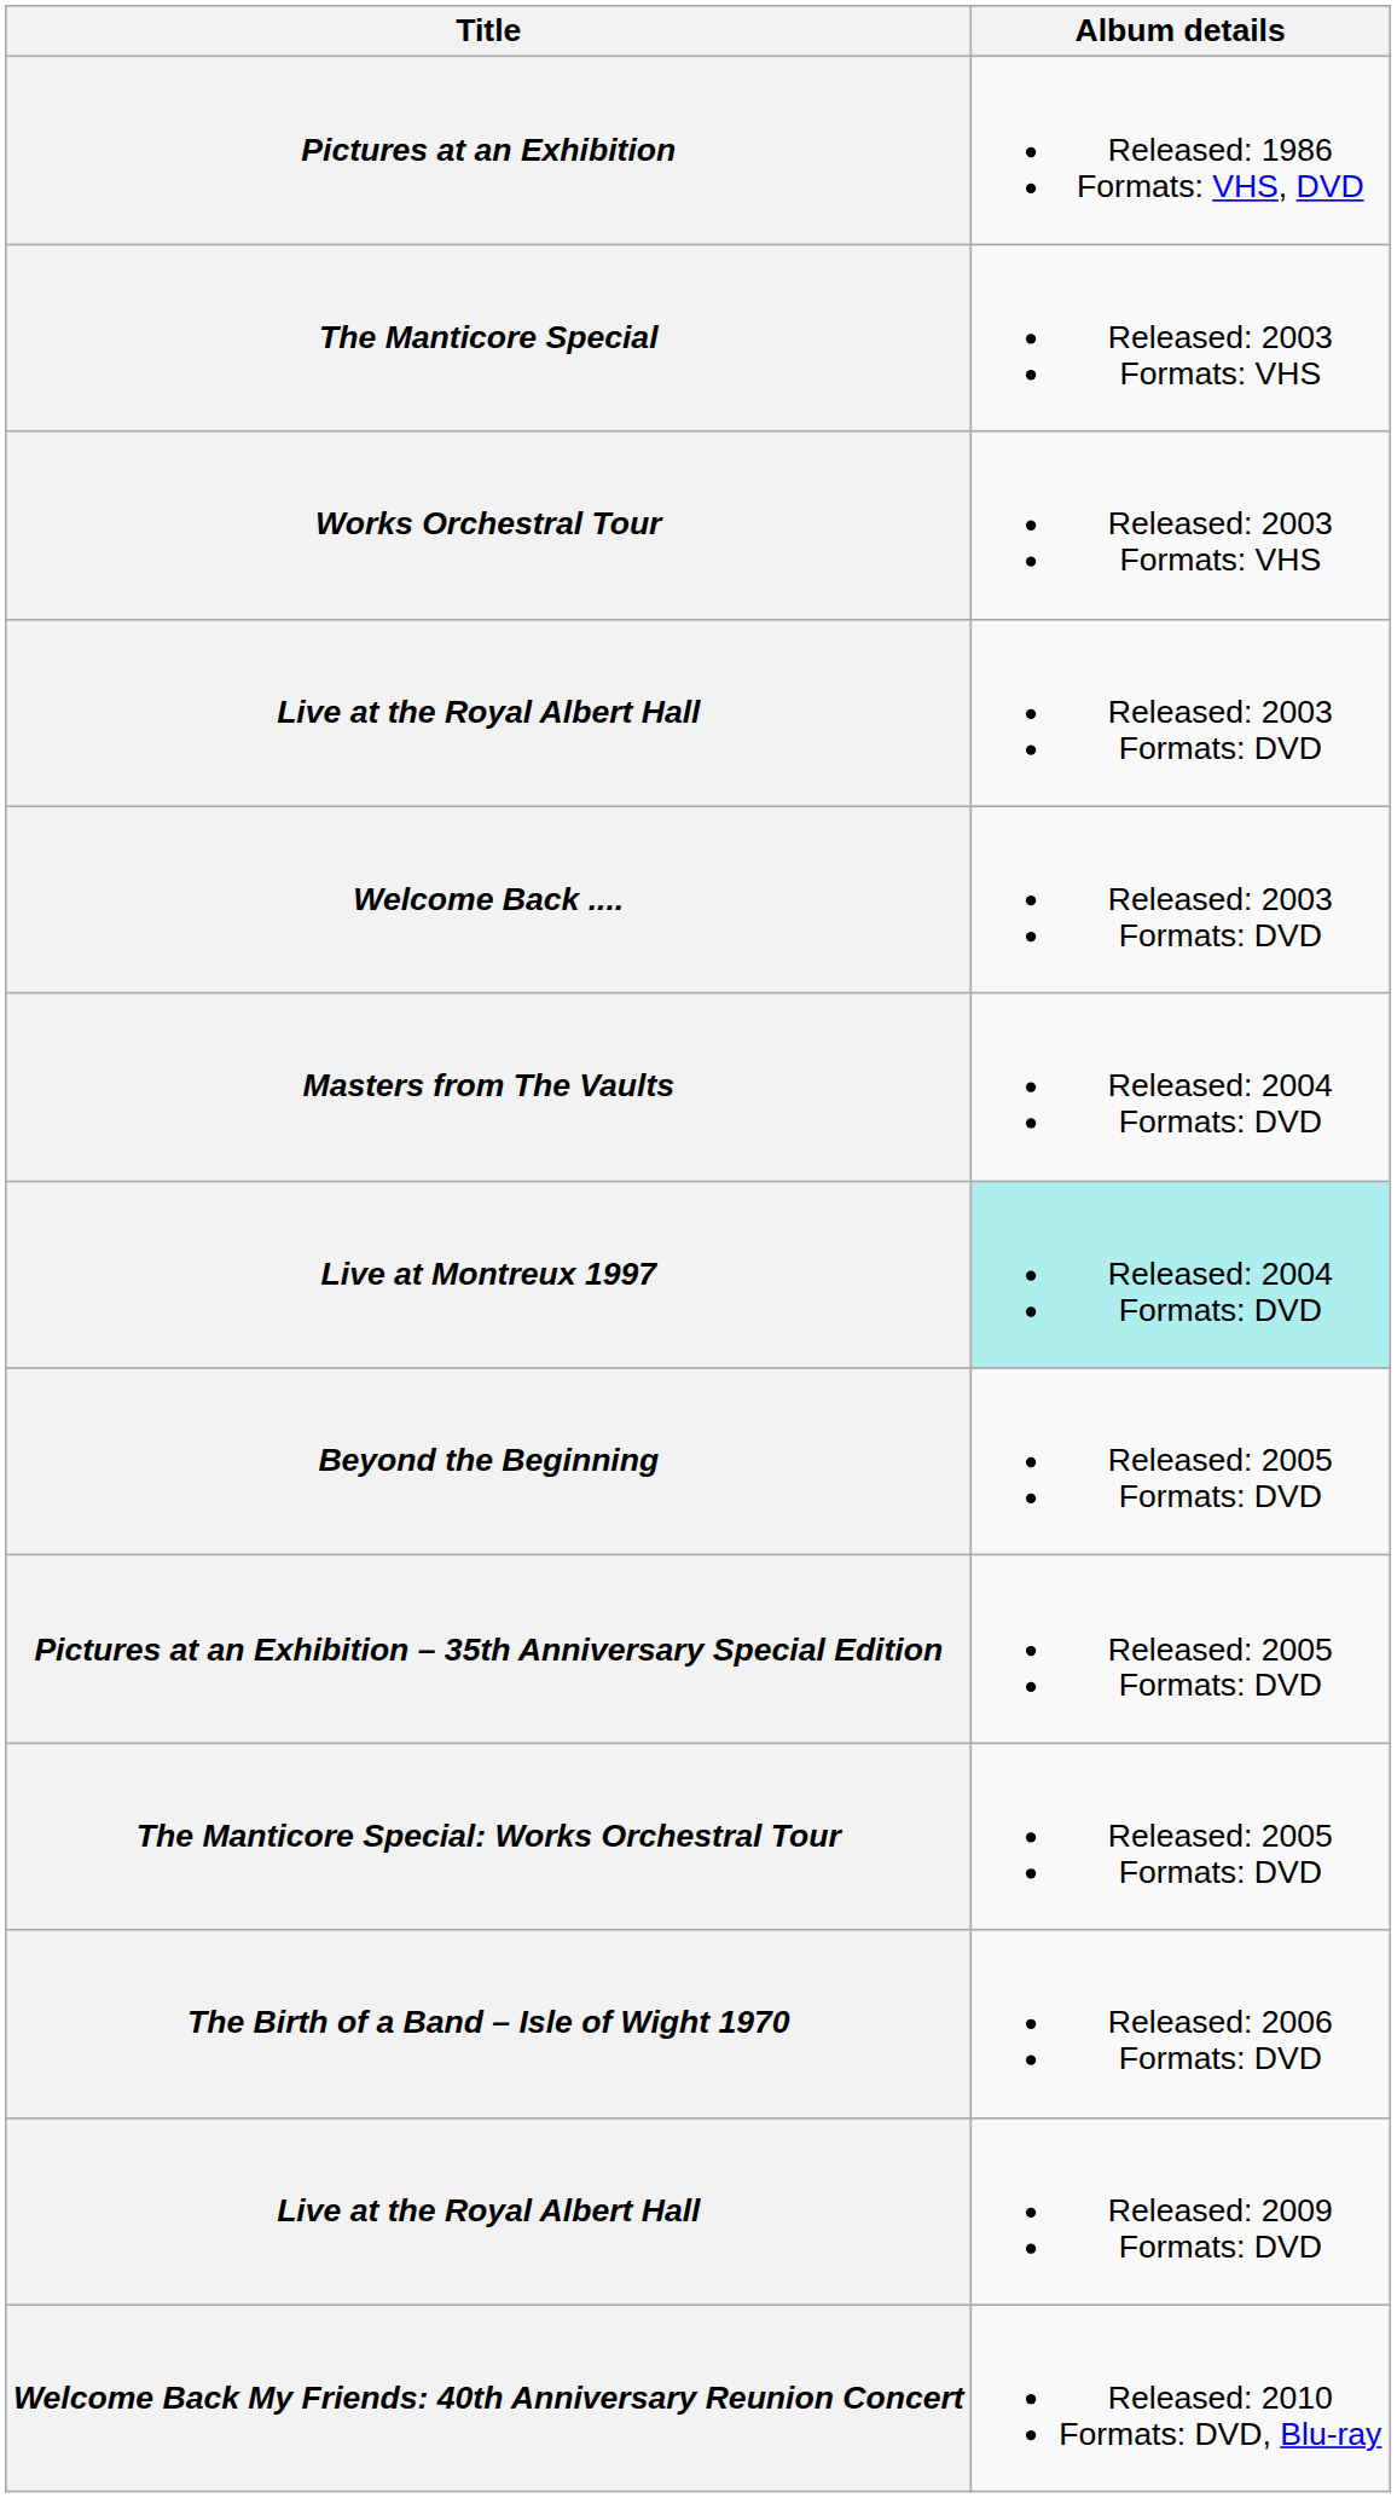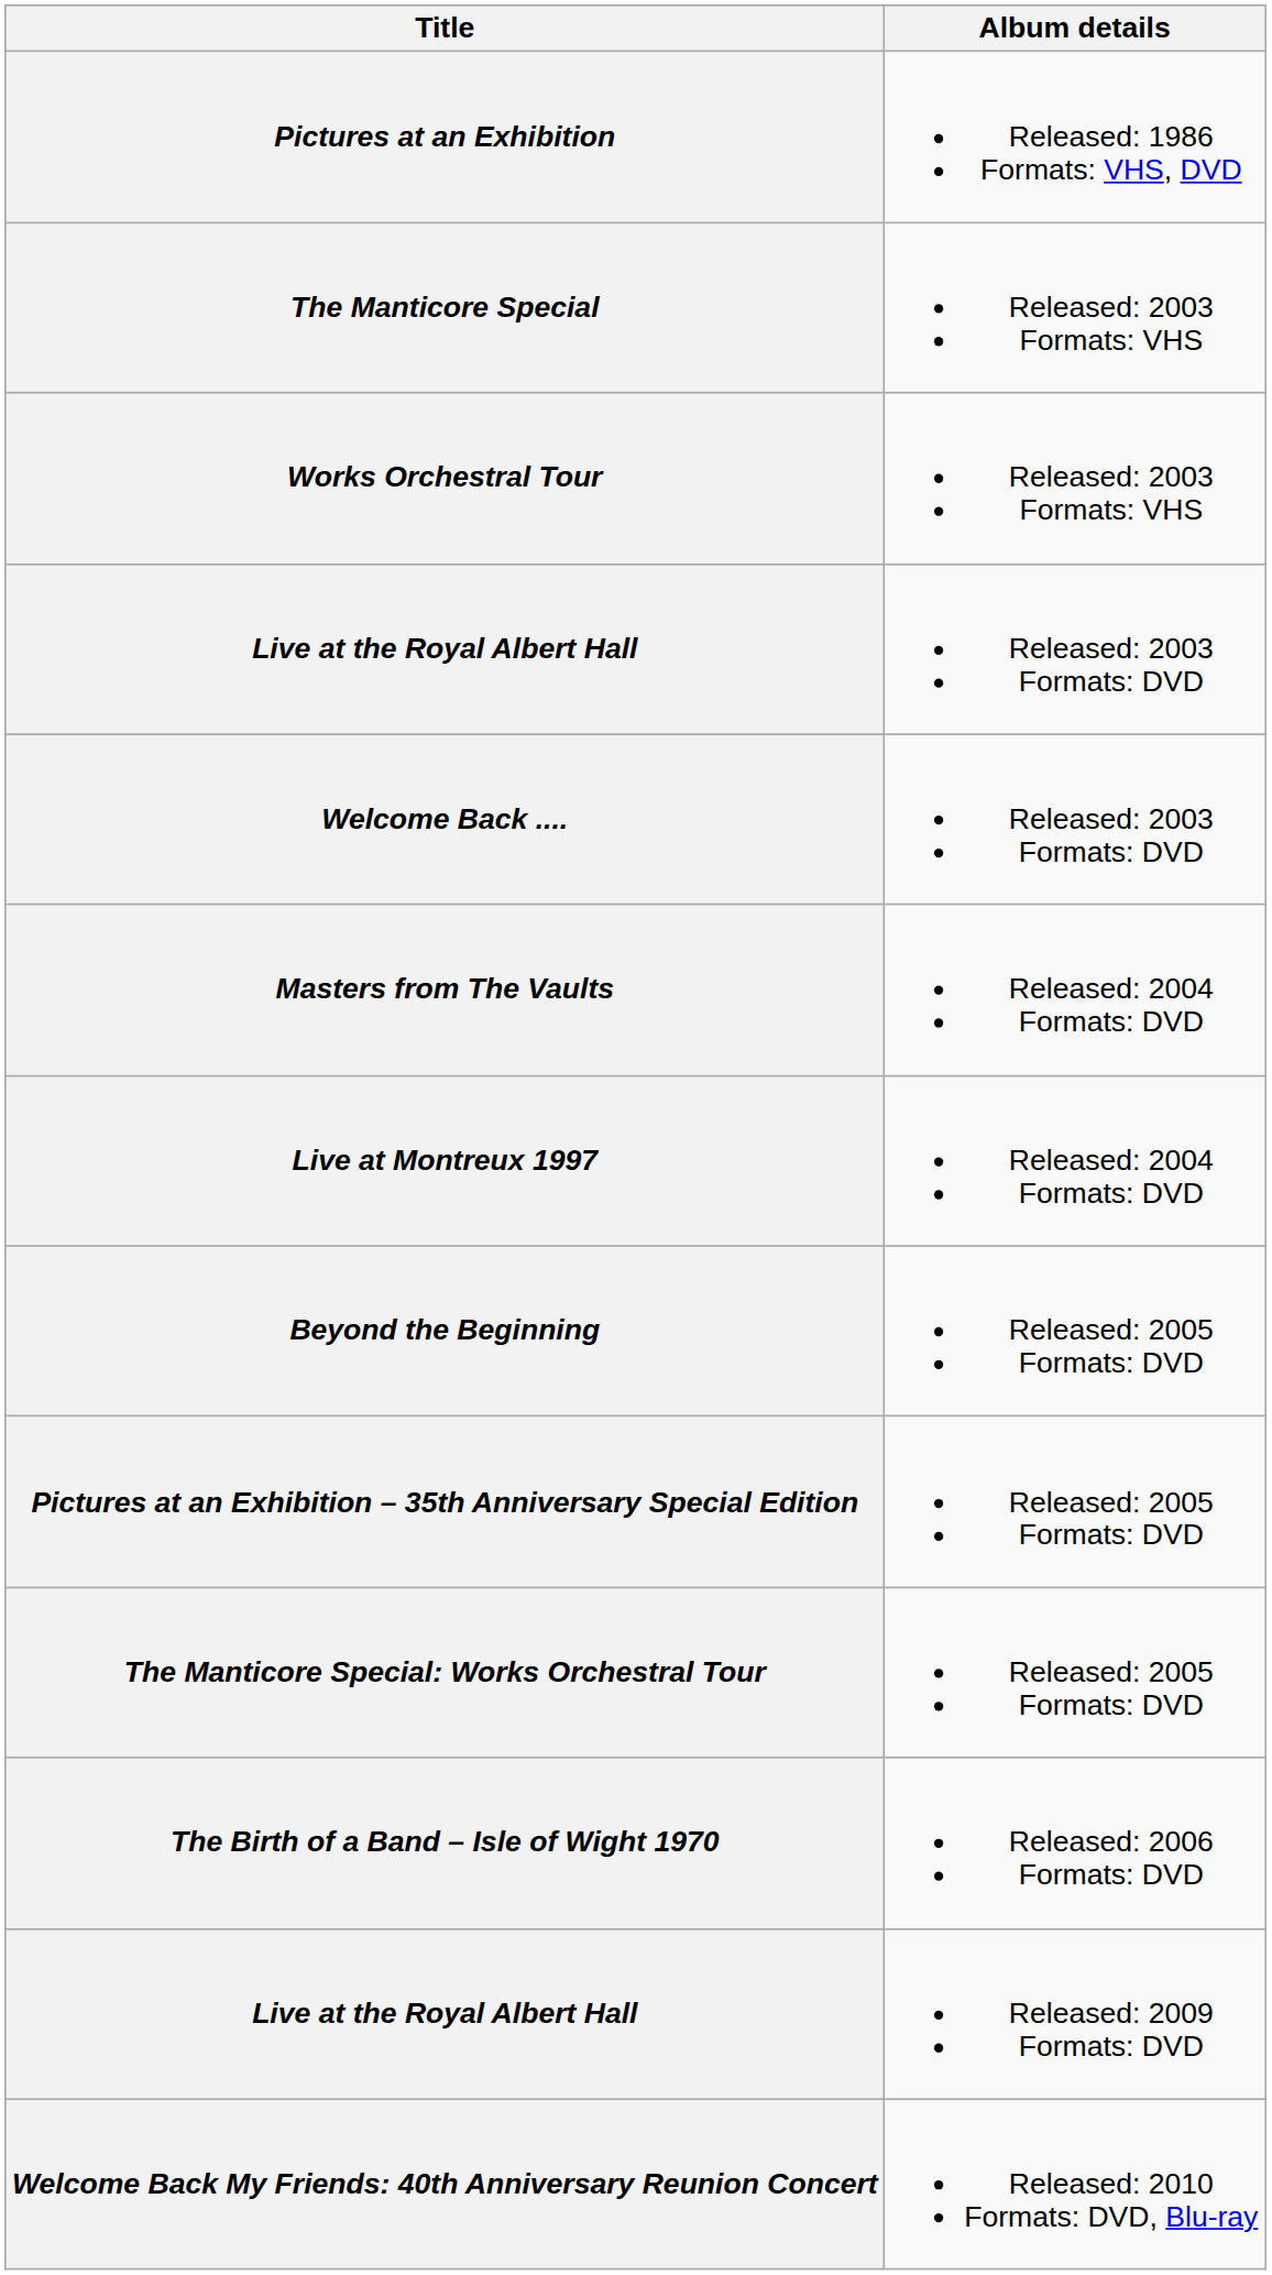 <table class="wikitable plainrowheaders" style="text-align:center;">
 <tr>
 <th scope="col">Title</th>
 <th scope="col">Album details</th>
 </tr>
 <tr>
 <th scope="row"><em>Pictures at an Exhibition</em></th>
 <td><br><ul><li>Released: 1986</li><li>Formats: <a href='#'>VHS</a>, <a href='#'>DVD</a></li></ul></td>
 </tr>
 <tr>
 <th scope="row"><em>The Manticore Special</em></th>
 <td><br><ul><li>Released: 2003</li><li>Formats: VHS</li></ul></td>
 </tr>
 <tr>
 <th scope="row"><em>Works Orchestral Tour</em></th>
 <td><br><ul><li>Released: 2003</li><li>Formats: VHS</li></ul></td>
 </tr>
 <tr>
 <th scope="row"><em>Live at the Royal Albert Hall</em></th>
 <td><br><ul><li>Released: 2003</li><li>Formats: DVD</li></ul></td>
 </tr>
 <tr>
 <th scope="row"><em>Welcome Back ....</em></th>
 <td><br><ul><li>Released: 2003</li><li>Formats: DVD</li></ul></td>
 </tr>
 <tr>
 <th scope="row"><em>Masters from The Vaults</em></th>
 <td><br><ul><li>Released: 2004</li><li>Formats: DVD</li></ul></td>
 </tr>
 <tr>
 <th scope="row"><em>Live at Montreux 1997</em></th>
-<td style="background: paleturquoise;"><br><ul><li>Released: 2004</li><li>Formats: DVD</li></ul></td>
+<td><br><ul><li>Released: 2004</li><li>Formats: DVD</li></ul></td>
 </tr>
 <tr>
 <th scope="row"><em>Beyond the Beginning</em></th>
 <td><br><ul><li>Released: 2005</li><li>Formats: DVD</li></ul></td>
 </tr>
 <tr>
 <th scope="row"><em>Pictures at an Exhibition – 35th Anniversary Special Edition</em></th>
 <td><br><ul><li>Released: 2005</li><li>Formats: DVD</li></ul></td>
 </tr>
 <tr>
 <th scope="row"><em>The Manticore Special: Works Orchestral Tour</em></th>
 <td><br><ul><li>Released: 2005</li><li>Formats: DVD</li></ul></td>
 </tr>
 <tr>
 <th scope="row"><em>The Birth of a Band – Isle of Wight 1970</em></th>
 <td><br><ul><li>Released: 2006</li><li>Formats: DVD</li></ul></td>
 </tr>
 <tr>
 <th scope="row"><em>Live at the Royal Albert Hall</em></th>
 <td><br><ul><li>Released: 2009</li><li>Formats: DVD</li></ul></td>
 </tr>
 <tr>
 <th scope="row"><em>Welcome Back My Friends: 40th Anniversary Reunion Concert</em></th>
 <td><br><ul><li>Released: 2010</li><li>Formats: DVD, <a href='#'>Blu-ray</a></li></ul></td>
 </tr>
 </table>
